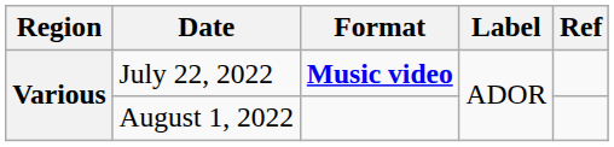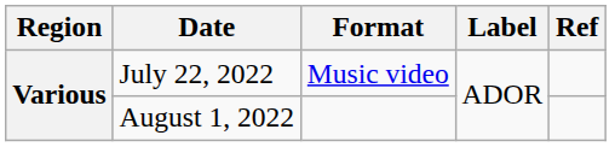 <table class="wikitable plainrowheaders">
 <tr>
 <th scope="col">Region</th>
 <th scope="col">Date</th>
 <th scope="col">Format</th>
 <th scope="col">Label</th>
 <th>Ref</th>
 </tr>
 <tr>
 <th scope="row" rowspan="2">Various</th>
 <td>July 22, 2022</td>
-<td><strong><a href='#'>Music video</a></strong></td>
+<td><a href='#'>Music video</a></td>
 <td rowspan="2">ADOR</td>
 <td></td>
 </tr>
 <tr>
 <td>August 1, 2022</td>
 <td></td>
 <td></td>
 </tr>
 </table>
